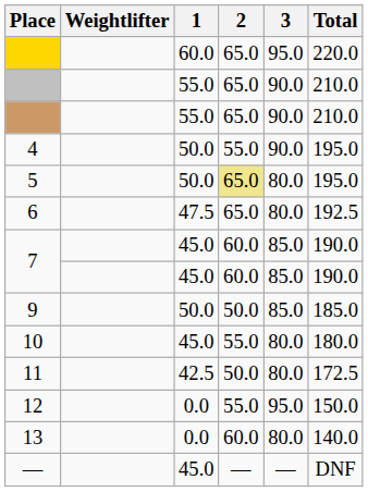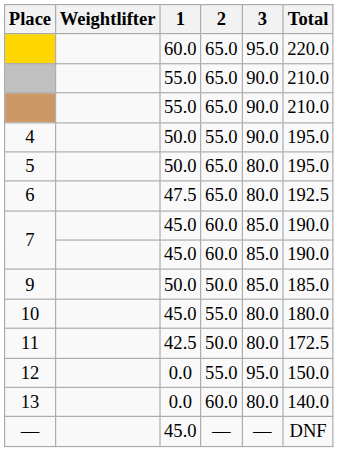 <table class=wikitable style="text-align:center">
 <tr>
 <th>Place</th>
 <th>Weightlifter</th>
 <th>1</th>
 <th>2</th>
 <th>3</th>
 <th>Total</th>
 </tr>
 <tr>
 <td bgcolor=gold></td>
 <td align=left></td>
 <td>60.0</td>
 <td>65.0</td>
 <td>95.0</td>
 <td>220.0</td>
 </tr>
 <tr>
 <td bgcolor=silver></td>
 <td align=left></td>
 <td>55.0</td>
 <td>65.0</td>
 <td>90.0</td>
 <td>210.0</td>
 </tr>
 <tr>
 <td bgcolor=cc9966></td>
 <td align=left></td>
 <td>55.0</td>
 <td>65.0</td>
 <td>90.0</td>
 <td>210.0</td>
 </tr>
 <tr>
 <td>4</td>
 <td align=left></td>
 <td>50.0</td>
 <td>55.0</td>
 <td>90.0</td>
 <td>195.0</td>
 </tr>
 <tr>
 <td>5</td>
 <td align=left></td>
 <td>50.0</td>
-<td style="background: khaki;">65.0</td>
+<td>65.0</td>
 <td>80.0</td>
 <td>195.0</td>
 </tr>
 <tr>
 <td>6</td>
 <td align=left></td>
 <td>47.5</td>
 <td>65.0</td>
 <td>80.0</td>
 <td>192.5</td>
 </tr>
 <tr>
 <td rowspan=2>7</td>
 <td align=left></td>
 <td>45.0</td>
 <td>60.0</td>
 <td>85.0</td>
 <td>190.0</td>
 </tr>
 <tr>
 <td align=left></td>
 <td>45.0</td>
 <td>60.0</td>
 <td>85.0</td>
 <td>190.0</td>
 </tr>
 <tr>
 <td>9</td>
 <td align=left></td>
 <td>50.0</td>
 <td>50.0</td>
 <td>85.0</td>
 <td>185.0</td>
 </tr>
 <tr>
 <td>10</td>
 <td align=left></td>
 <td>45.0</td>
 <td>55.0</td>
 <td>80.0</td>
 <td>180.0</td>
 </tr>
 <tr>
 <td>11</td>
 <td align=left></td>
 <td>42.5</td>
 <td>50.0</td>
 <td>80.0</td>
 <td>172.5</td>
 </tr>
 <tr>
 <td>12</td>
 <td align=left></td>
 <td>0.0</td>
 <td>55.0</td>
 <td>95.0</td>
 <td>150.0</td>
 </tr>
 <tr>
 <td>13</td>
 <td align=left></td>
 <td>0.0</td>
 <td>60.0</td>
 <td>80.0</td>
 <td>140.0</td>
 </tr>
 <tr>
 <td>—</td>
 <td align=left></td>
 <td>45.0</td>
 <td>—</td>
 <td>—</td>
 <td>DNF</td>
 </tr>
 </table>
